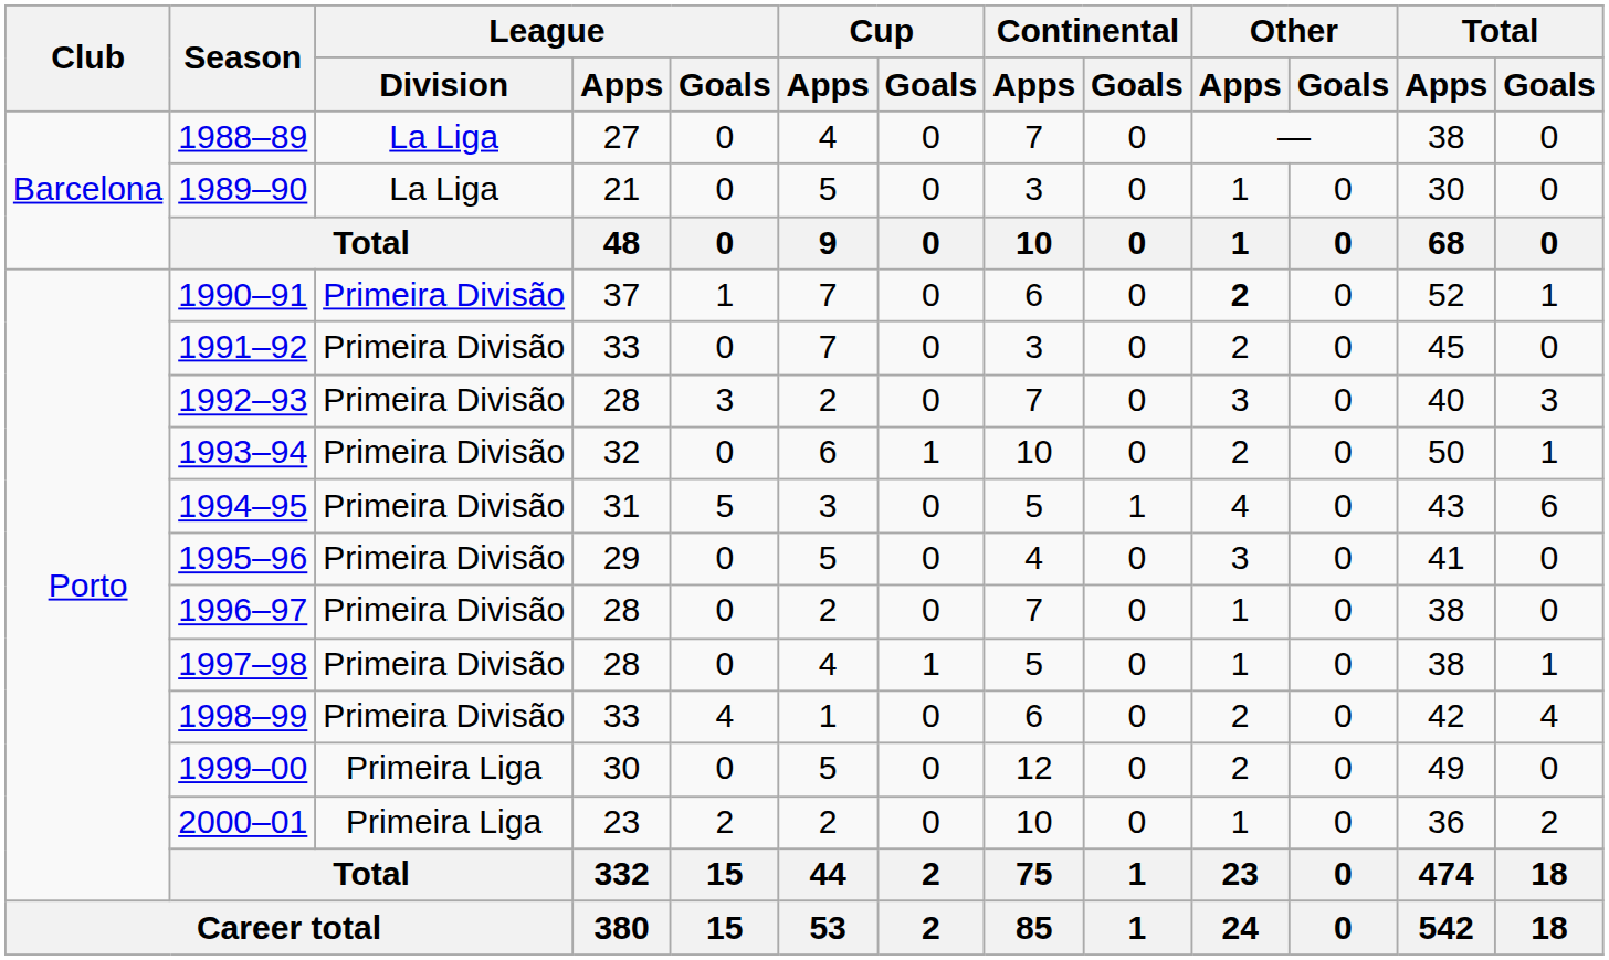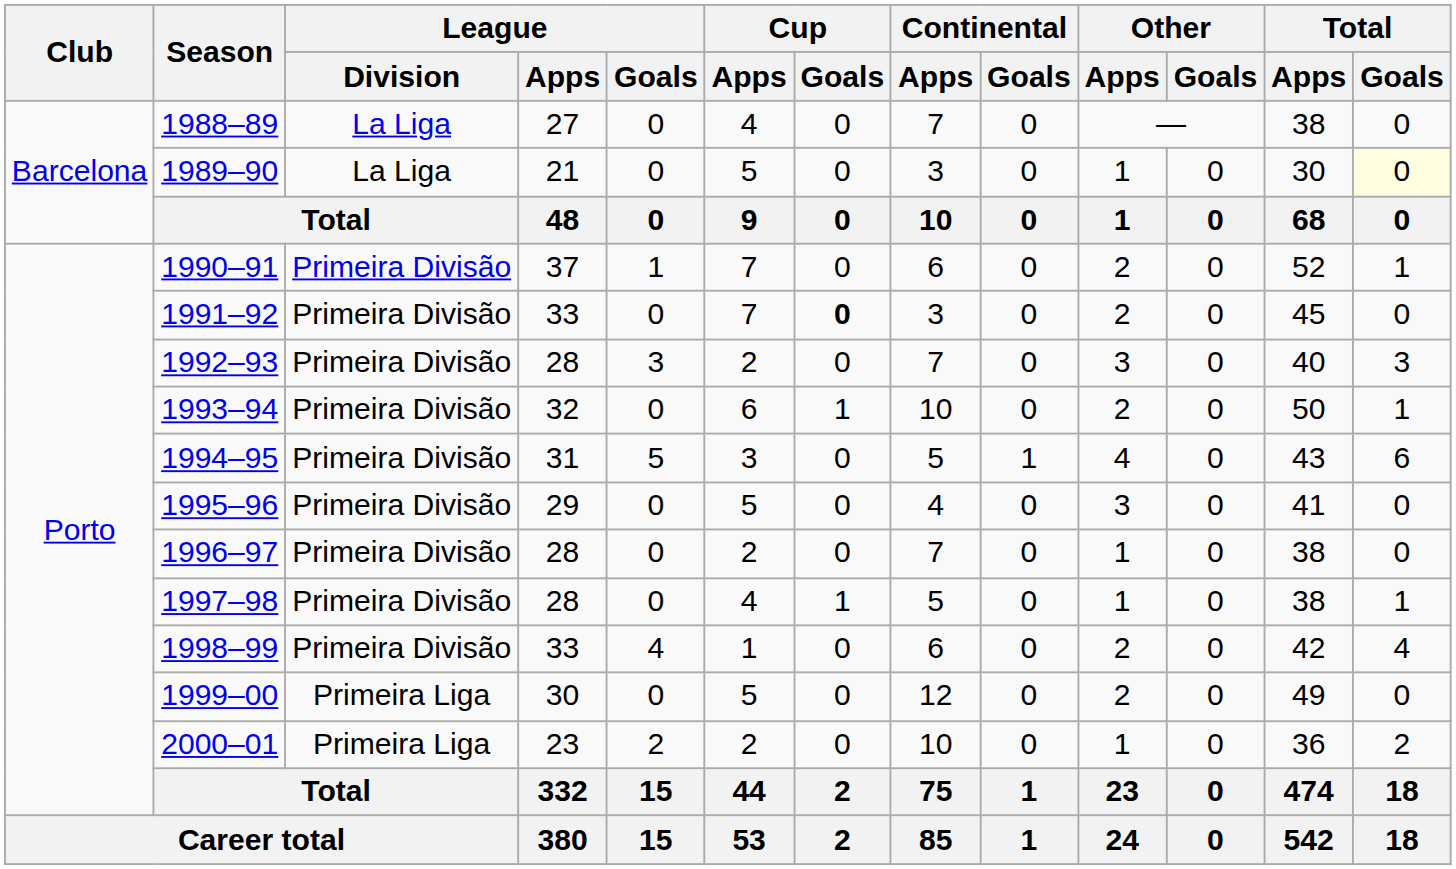 <table class="wikitable" style="text-align: center">
 <tr>
 <th rowspan="2">Club</th>
 <th rowspan="2">Season</th>
 <th colspan="3">League</th>
 <th colspan="2">Cup</th>
 <th colspan="2">Continental</th>
 <th colspan="2">Other</th>
 <th colspan="2">Total</th>
 </tr>
 <tr>
 <th>Division</th>
 <th>Apps</th>
 <th>Goals</th>
 <th>Apps</th>
 <th>Goals</th>
 <th>Apps</th>
 <th>Goals</th>
 <th>Apps</th>
 <th>Goals</th>
 <th>Apps</th>
 <th>Goals</th>
 </tr>
 <tr>
 <td rowspan="3"><a href='#'>Barcelona</a></td>
 <td><a href='#'>1988–89</a></td>
 <td><a href='#'>La Liga</a></td>
 <td>27</td>
 <td>0</td>
 <td>4</td>
 <td>0</td>
 <td>7</td>
 <td>0</td>
 <td colspan="2">—</td>
 <td>38</td>
 <td>0</td>
 </tr>
 <tr>
 <td><a href='#'>1989–90</a></td>
 <td>La Liga</td>
 <td>21</td>
 <td>0</td>
 <td>5</td>
 <td>0</td>
 <td>3</td>
 <td>0</td>
 <td>1</td>
 <td>0</td>
 <td>30</td>
-<td>0</td>
+<td style="background: lightyellow;">0</td>
 </tr>
 <tr>
 <th colspan="2">Total</th>
 <th>48</th>
 <th>0</th>
 <th>9</th>
 <th>0</th>
 <th>10</th>
 <th>0</th>
 <th>1</th>
 <th>0</th>
 <th>68</th>
 <th>0</th>
 </tr>
 <tr>
 <td rowspan="12"><a href='#'>Porto</a></td>
 <td><a href='#'>1990–91</a></td>
 <td><a href='#'>Primeira Divisão</a></td>
 <td>37</td>
 <td>1</td>
 <td>7</td>
 <td>0</td>
 <td>6</td>
 <td>0</td>
-<td><strong>2</strong></td>
+<td>2</td>
 <td>0</td>
 <td>52</td>
 <td>1</td>
 </tr>
 <tr>
 <td><a href='#'>1991–92</a></td>
 <td>Primeira Divisão</td>
 <td>33</td>
 <td>0</td>
 <td>7</td>
-<td>0</td>
+<td><strong>0</strong></td>
 <td>3</td>
 <td>0</td>
 <td>2</td>
 <td>0</td>
 <td>45</td>
 <td>0</td>
 </tr>
 <tr>
 <td><a href='#'>1992–93</a></td>
 <td>Primeira Divisão</td>
 <td>28</td>
 <td>3</td>
 <td>2</td>
 <td>0</td>
 <td>7</td>
 <td>0</td>
 <td>3</td>
 <td>0</td>
 <td>40</td>
 <td>3</td>
 </tr>
 <tr>
 <td><a href='#'>1993–94</a></td>
 <td>Primeira Divisão</td>
 <td>32</td>
 <td>0</td>
 <td>6</td>
 <td>1</td>
 <td>10</td>
 <td>0</td>
 <td>2</td>
 <td>0</td>
 <td>50</td>
 <td>1</td>
 </tr>
 <tr>
 <td><a href='#'>1994–95</a></td>
 <td>Primeira Divisão</td>
 <td>31</td>
 <td>5</td>
 <td>3</td>
 <td>0</td>
 <td>5</td>
 <td>1</td>
 <td>4</td>
 <td>0</td>
 <td>43</td>
 <td>6</td>
 </tr>
 <tr>
 <td><a href='#'>1995–96</a></td>
 <td>Primeira Divisão</td>
 <td>29</td>
 <td>0</td>
 <td>5</td>
 <td>0</td>
 <td>4</td>
 <td>0</td>
 <td>3</td>
 <td>0</td>
 <td>41</td>
 <td>0</td>
 </tr>
 <tr>
 <td><a href='#'>1996–97</a></td>
 <td>Primeira Divisão</td>
 <td>28</td>
 <td>0</td>
 <td>2</td>
 <td>0</td>
 <td>7</td>
 <td>0</td>
 <td>1</td>
 <td>0</td>
 <td>38</td>
 <td>0</td>
 </tr>
 <tr>
 <td><a href='#'>1997–98</a></td>
 <td>Primeira Divisão</td>
 <td>28</td>
 <td>0</td>
 <td>4</td>
 <td>1</td>
 <td>5</td>
 <td>0</td>
 <td>1</td>
 <td>0</td>
 <td>38</td>
 <td>1</td>
 </tr>
 <tr>
 <td><a href='#'>1998–99</a></td>
 <td>Primeira Divisão</td>
 <td>33</td>
 <td>4</td>
 <td>1</td>
 <td>0</td>
 <td>6</td>
 <td>0</td>
 <td>2</td>
 <td>0</td>
 <td>42</td>
 <td>4</td>
 </tr>
 <tr>
 <td><a href='#'>1999–00</a></td>
 <td>Primeira Liga</td>
 <td>30</td>
 <td>0</td>
 <td>5</td>
 <td>0</td>
 <td>12</td>
 <td>0</td>
 <td>2</td>
 <td>0</td>
 <td>49</td>
 <td>0</td>
 </tr>
 <tr>
 <td><a href='#'>2000–01</a></td>
 <td>Primeira Liga</td>
 <td>23</td>
 <td>2</td>
 <td>2</td>
 <td>0</td>
 <td>10</td>
 <td>0</td>
 <td>1</td>
 <td>0</td>
 <td>36</td>
 <td>2</td>
 </tr>
 <tr>
 <th colspan="2">Total</th>
 <th>332</th>
 <th>15</th>
 <th>44</th>
 <th>2</th>
 <th>75</th>
 <th>1</th>
 <th>23</th>
 <th>0</th>
 <th>474</th>
 <th>18</th>
 </tr>
 <tr>
 <th colspan="3">Career total</th>
 <th>380</th>
 <th>15</th>
 <th>53</th>
 <th>2</th>
 <th>85</th>
 <th>1</th>
 <th>24</th>
 <th>0</th>
 <th>542</th>
 <th>18</th>
 </tr>
 </table>
